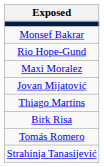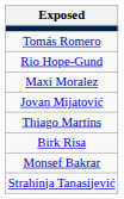 <table class="wikitable" style="text-align:center">
 <tr>
 <th>Exposed</th>
 </tr>
 <tr>
 <td style="background: #002147"></td>
 </tr>
 <tr>
-<td><a href='#'>Monsef Bakrar</a></td>
+<td><a href='#'>Tomás Romero</a></td>
 </tr>
 <tr>
 <td><a href='#'>Rio Hope-Gund</a></td>
 </tr>
 <tr>
 <td><a href='#'>Maxi Moralez</a></td>
 </tr>
 <tr>
 <td><a href='#'>Jovan Mijatović</a></td>
 </tr>
 <tr>
 <td><a href='#'>Thiago Martins</a></td>
 </tr>
 <tr>
 <td><a href='#'>Birk Risa</a></td>
 </tr>
 <tr>
-<td><a href='#'>Tomás Romero</a></td>
+<td><a href='#'>Monsef Bakrar</a></td>
 </tr>
 <tr>
 <td><a href='#'>Strahinja Tanasijević</a></td>
 </tr>
 </table>
